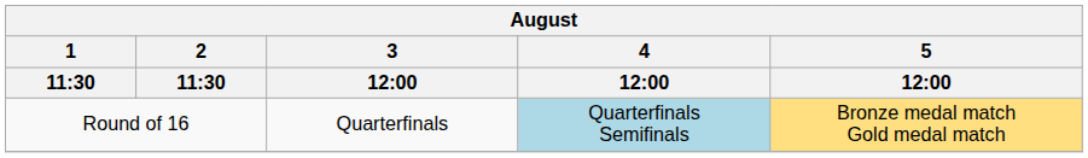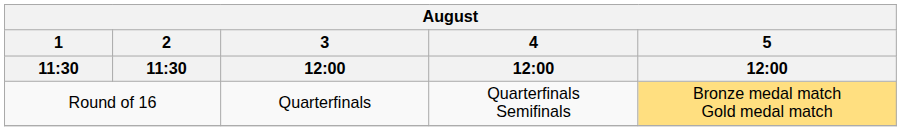 <table class="wikitable" style="margin:1em auto; text-align:center">
 <tr>
 <th colspan=5>August</th>
 </tr>
 <tr>
 <th width=100>1</th>
 <th width=100>2</th>
 <th width=200>3</th>
 <th width=200>4</th>
 <th width=250>5</th>
 </tr>
 <tr>
 <th>11:30</th>
 <th>11:30</th>
 <th>12:00</th>
 <th>12:00</th>
 <th>12:00</th>
 </tr>
 <tr>
 <td colspan=2>Round of 16</td>
 <td>Quarterfinals</td>
-<td style="background: lightblue;">Quarterfinals<br>Semifinals</td>
+<td>Quarterfinals<br>Semifinals</td>
 <td style="background:#ffdf80;">Bronze medal match<br>Gold medal match</td>
 </tr>
 <tr>
 </tr>
 </table>
